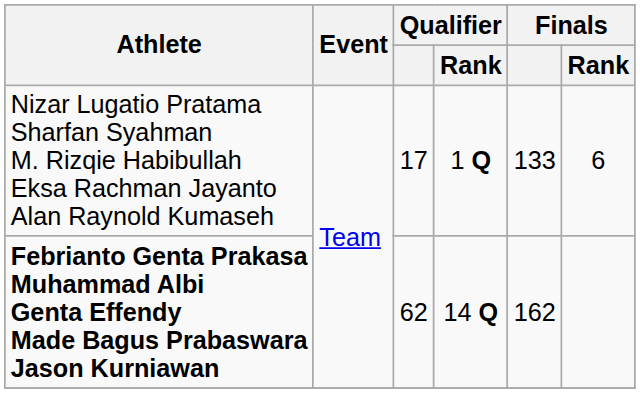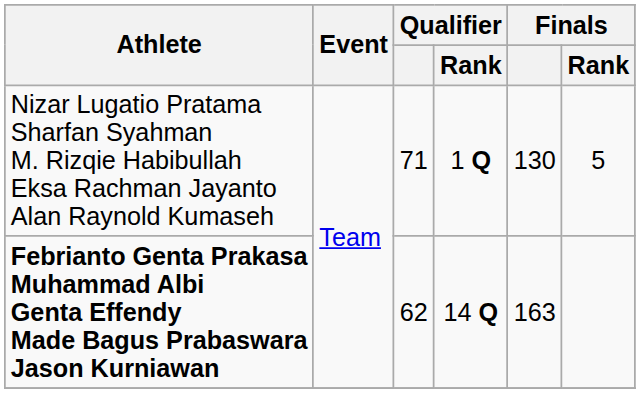 <table class=wikitable style="font-size:90%; text-align:center">
 <tr>
 <th rowspan=2>Athlete</th>
 <th rowspan=2>Event</th>
 <th colspan=2>Qualifier</th>
 <th colspan=2>Finals</th>
 </tr>
 <tr>
 <th></th>
 <th>Rank</th>
 <th></th>
 <th>Rank</th>
 </tr>
 <tr>
 <td align=left>Nizar Lugatio Pratama<br>Sharfan Syahman<br>M. Rizqie Habibullah<br>Eksa Rachman Jayanto<br>Alan Raynold Kumaseh</td>
 <td align=left rowspan=2><a href='#'>Team</a></td>
-<td>17</td>
+<td>71</td>
 <td>1 <strong>Q</strong></td>
-<td>133</td>
-<td>6</td>
+<td>130</td>
+<td>5</td>
 </tr>
 <tr>
 <td align=left><strong>Febrianto Genta Prakasa<br>Muhammad Albi<br>Genta Effendy<br>Made Bagus Prabaswara<br>Jason Kurniawan</strong></td>
 <td>62</td>
 <td>14 <strong>Q</strong></td>
-<td>162</td>
+<td>163</td>
 <td></td>
 </tr>
 <tr>
 </tr>
 </table>
